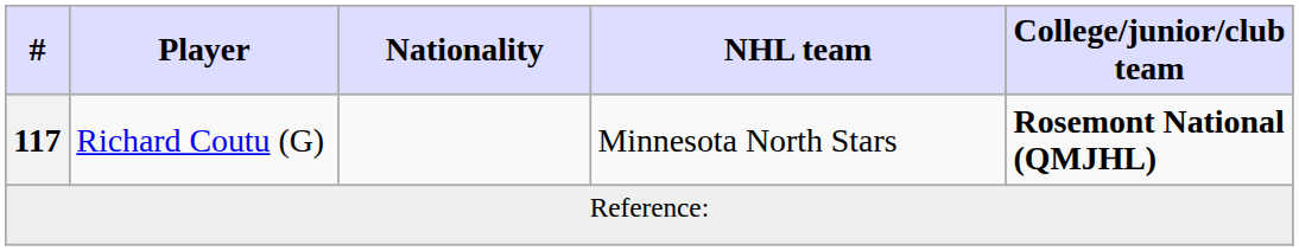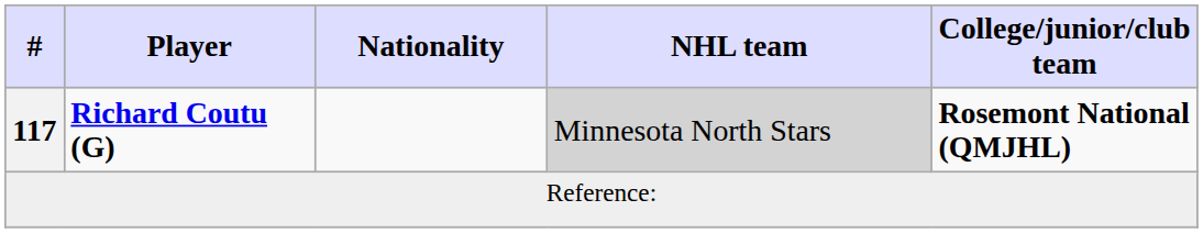 <table class="wikitable" style="width: 100%">
 <tr>
 <th style="background:#ddf; width:2.75%;">#</th>
 <th style="background:#ddf; width:22.0%;">Player</th>
 <th style="background:#ddf; width:20.0%;">Nationality</th>
 <th style="background:#ddf; width:34.0%;">NHL team</th>
 <th style="background:#ddf; width:100.0%;">College/junior/club team</th>
 </tr>
 <tr>
 <th>117</th>
-<td><a href='#'>Richard Coutu</a> (G)</td>
+<td><strong><a href='#'>Richard Coutu</a> (G)</strong></td>
 <td></td>
-<td>Minnesota North Stars</td>
+<td style="background: lightgrey;">Minnesota North Stars</td>
 <td><strong>Rosemont National (QMJHL)</strong></td>
 </tr>
 <tr>
 <td align=center colspan="6" bgcolor="#efefef"><sup>Reference: </sup></td>
 </tr>
 </table>
